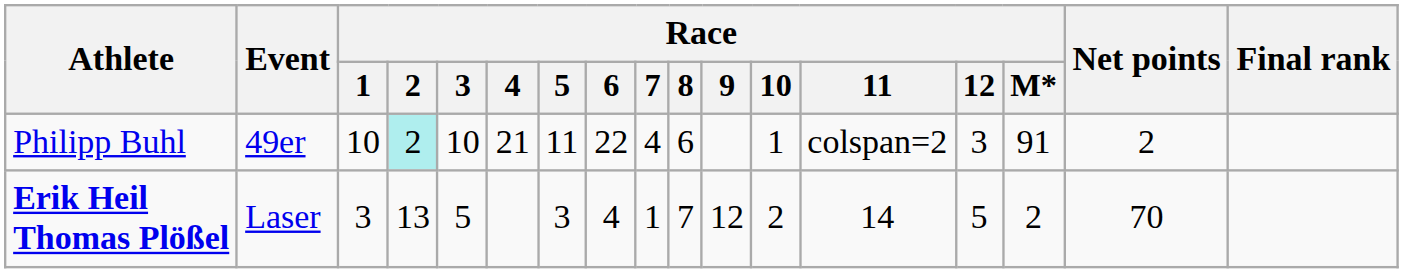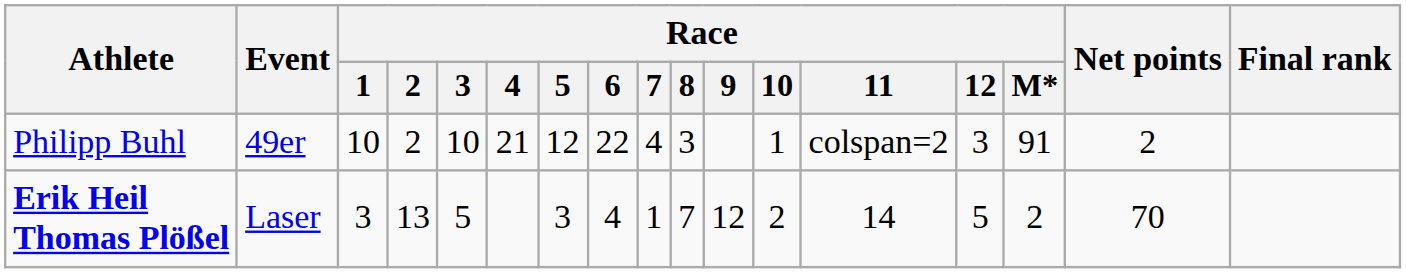 <table class="wikitable" style="font-size:90%">
 <tr>
 <th rowspan="2">Athlete</th>
 <th rowspan="2">Event</th>
 <th colspan=13>Race</th>
 <th rowspan=2>Net points</th>
 <th rowspan=2>Final rank</th>
 </tr>
 <tr style="font-size:95%">
 <th>1</th>
 <th>2</th>
 <th>3</th>
 <th>4</th>
 <th>5</th>
 <th>6</th>
 <th>7</th>
 <th>8</th>
 <th>9</th>
 <th>10</th>
 <th>11</th>
 <th>12</th>
 <th>M*</th>
 </tr>
 <tr align=center>
 <td align=left><a href='#'>Philipp Buhl</a></td>
 <td align=left><a href='#'>49er</a></td>
 <td>10</td>
-<td style="background: paleturquoise;">2</td>
+<td>2</td>
 <td>10</td>
 <td>21</td>
-<td>11</td>
+<td>12</td>
 <td>22</td>
 <td>4</td>
-<td>6</td>
+<td>3</td>
 <td></td>
 <td>1</td>
 <td>colspan=2 </td>
 <td>3</td>
 <td>91</td>
 <td>2</td>
 </tr>
 <tr align=center>
 <td align=left><strong><a href='#'>Erik Heil</a><br><a href='#'>Thomas Plößel</a></strong></td>
 <td align=left><a href='#'>Laser</a></td>
 <td>3</td>
 <td>13</td>
 <td>5</td>
 <td></td>
 <td>3</td>
 <td>4</td>
 <td>1</td>
 <td>7</td>
 <td>12</td>
 <td>2</td>
 <td>14</td>
 <td>5</td>
 <td>2</td>
 <td>70</td>
 <td></td>
 </tr>
 </table>
